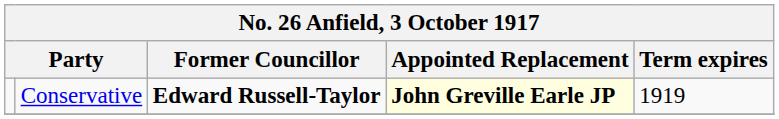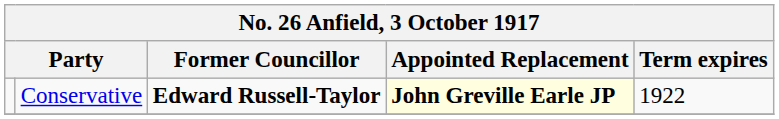 <table class="wikitable">
 <tr>
 <th colspan="5"><strong>No. 26 Anfield, 3 October 1917</strong></th>
 </tr>
 <tr>
 <th colspan="2">Party</th>
 <th>Former Councillor</th>
 <th>Appointed Replacement</th>
 <th>Term expires</th>
 </tr>
 <tr>
 <td style="background-color:"></td>
 <td><a href='#'>Conservative</a></td>
 <td><strong>Edward Russell-Taylor</strong></td>
 <td style="background: lightyellow;"><strong>John Greville Earle JP</strong></td>
-<td>1919</td>
+<td>1922</td>
 </tr>
 <tr>
 </tr>
 </table>
